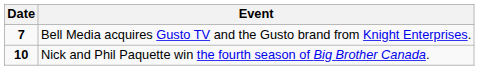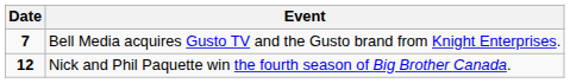 <table class="wikitable">
 <tr>
 <th>Date</th>
 <th>Event</th>
 </tr>
 <tr>
 <td style="text-align:center;"><strong>7</strong></td>
 <td>Bell Media acquires <a href='#'>Gusto TV</a> and the Gusto brand from <a href='#'>Knight Enterprises</a>.</td>
 </tr>
 <tr>
-<td style="text-align:center;"><strong>10</strong></td>
+<td style="text-align:center;"><strong>12</strong></td>
 <td>Nick and Phil Paquette win <a href='#'>the fourth season of <em>Big Brother Canada</em></a>.</td>
 </tr>
 </table>
